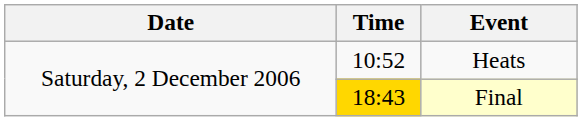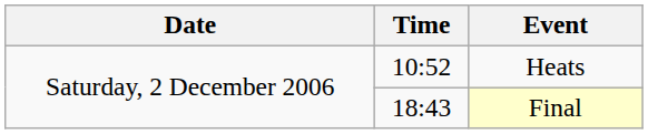 <table class = "wikitable" style="text-align:center;">
 <tr>
 <th width=220>Date</th>
 <th width=50>Time</th>
 <th width=100>Event</th>
 </tr>
 <tr>
 <td rowspan=2>Saturday, 2 December 2006</td>
 <td>10:52</td>
 <td>Heats</td>
 </tr>
 <tr>
-<td style="background: gold;">18:43</td>
+<td>18:43</td>
 <td bgcolor=ffffcc>Final</td>
 </tr>
 </table>
